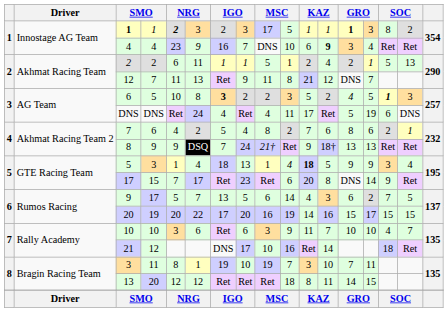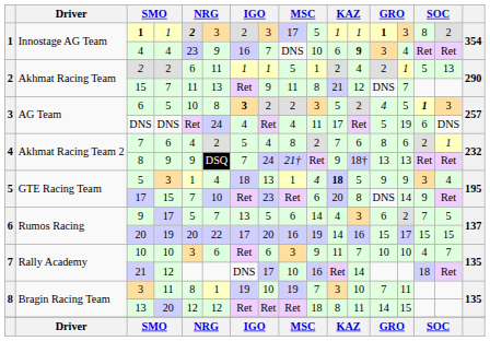 <table class="wikitable" style="font-size: 85%; text-align: center">
 <tr valign="top">
 <th valign="middle"></th>
 <th valign="middle">Driver</th>
 <th colspan=2><a href='#'>SMO</a></th>
 <th colspan=2><a href='#'>NRG</a></th>
 <th colspan=2><a href='#'>IGO</a></th>
 <th colspan=2><a href='#'>MSC</a></th>
 <th colspan=2><a href='#'>KAZ</a></th>
 <th colspan=2><a href='#'>GRO</a></th>
 <th colspan=2><a href='#'>SOC</a></th>
 <th valign="middle"></th>
 </tr>
 <tr>
 <th rowspan="2">1</th>
 <td rowspan="2" align=left>Innostage AG Team</td>
 <td style="background:#ffffbf;"><strong>1</strong></td>
 <td style="background:#ffffbf;"><em>1</em></td>
 <td style="background:#dfdfdf;"><strong><em>2</em></strong></td>
 <td style="background:#ffdf9f;">3</td>
 <td style="background:#dfdfdf;">2</td>
 <td style="background:#ffdf9f;">3</td>
 <td style="background:#cfcfff;">17</td>
 <td style="background:#dfffdf;">5</td>
 <td style="background:#ffffbf;"><em>1</em></td>
 <td style="background:#ffffbf;"><em>1</em></td>
 <td style="background:#ffffbf;"><strong>1</strong></td>
 <td style="background:#ffdf9f;">3</td>
 <td style="background:#dfffdf;">8</td>
 <td style="background:#dfdfdf;">2</td>
 <th rowspan="2">354</th>
 </tr>
 <tr>
 <td style="background:#dfffdf;">4</td>
 <td style="background:#dfffdf;">4</td>
 <td style="background:#cfcfff;">23</td>
 <td style="background:#dfffdf;"><em>9</em></td>
 <td style="background:#cfcfff;">16</td>
 <td style="background:#dfffdf;">7</td>
 <td>DNS</td>
 <td style="background:#dfffdf;">10</td>
 <td style="background:#dfffdf;">6</td>
 <td style="background:#dfffdf;"><strong>9</strong></td>
 <td style="background:#ffdf9f;">3</td>
 <td style="background:#dfffdf;">4</td>
 <td style="background:#efcfff;">Ret</td>
 <td style="background:#efcfff;">Ret</td>
 </tr>
 <tr>
 <th rowspan="2">2</th>
 <td rowspan="2" align=left>Akhmat Racing Team</td>
 <td style="background:#dfdfdf;"><em>2</em></td>
 <td style="background:#dfdfdf;">2</td>
 <td style="background:#dfffdf;">6</td>
 <td style="background:#dfffdf;">11</td>
 <td style="background:#ffffbf;"><em>1</em></td>
 <td style="background:#ffffbf;"><em>1</em></td>
 <td style="background:#dfffdf;">5</td>
 <td style="background:#ffffbf;">1</td>
 <td style="background:#dfdfdf;">2</td>
 <td style="background:#dfffdf;">4</td>
 <td style="background:#dfdfdf;">2</td>
 <td style="background:#ffffbf;"><em>1</em></td>
 <td style="background:#dfffdf;">5</td>
 <td style="background:#dfffdf;">13</td>
 <th rowspan="2">290</th>
 </tr>
 <tr>
-<td style="background:#dfffdf;">12</td>
+<td style="background:#dfffdf;">15</td>
 <td style="background:#dfffdf;">7</td>
 <td style="background:#dfffdf;">11</td>
 <td style="background:#dfffdf;">13</td>
 <td style="background:#efcfff;">Ret</td>
 <td style="background:#dfffdf;">9</td>
 <td style="background:#dfffdf;">11</td>
 <td style="background:#dfffdf;">8</td>
 <td style="background:#cfcfff;">21</td>
 <td style="background:#dfffdf;">12</td>
 <td>DNS</td>
 <td style="background:#dfffdf;">7</td>
 <td></td>
 <td></td>
 </tr>
 <tr>
 <th rowspan="2">3</th>
 <td rowspan="2" align=left>AG Team</td>
 <td style="background:#dfffdf;">6</td>
 <td style="background:#dfffdf;">5</td>
 <td style="background:#dfffdf;">10</td>
 <td style="background:#dfffdf;">8</td>
 <td style="background:#ffdf9f;"><strong>3</strong></td>
 <td style="background:#dfdfdf;">2</td>
 <td style="background:#dfdfdf;">2</td>
 <td style="background:#ffdf9f;">3</td>
 <td style="background:#dfffdf;">5</td>
 <td style="background:#dfdfdf;">2</td>
 <td style="background:#dfffdf;"><em>4</em></td>
 <td style="background:#dfffdf;">5</td>
 <td style="background:#ffffbf;"><strong><em>1</em></strong></td>
 <td style="background:#ffdf9f;">3</td>
 <th rowspan="2">257</th>
 </tr>
 <tr>
 <td>DNS</td>
 <td>DNS</td>
 <td style="background:#efcfff;">Ret</td>
 <td style="background:#cfcfff;">24</td>
 <td style="background:#dfffdf;">4</td>
 <td style="background:#efcfff;">Ret</td>
 <td style="background:#dfffdf;">4</td>
 <td style="background:#dfffdf;">11</td>
 <td style="background:#dfffdf;">17</td>
 <td style="background:#efcfff;">Ret</td>
 <td style="background:#dfffdf;">5</td>
 <td style="background:#dfffdf;">19</td>
 <td style="background:#dfffdf;">6</td>
 <td>DNS</td>
 </tr>
 <tr>
 <th rowspan="2">4</th>
 <td rowspan="2" align=left>Akhmat Racing Team 2</td>
 <td style="background:#dfffdf;">7</td>
 <td style="background:#dfffdf;">6</td>
 <td style="background:#dfffdf;">4</td>
 <td style="background:#dfdfdf;">2</td>
 <td style="background:#dfffdf;">5</td>
 <td style="background:#dfffdf;">4</td>
 <td style="background:#dfffdf;">8</td>
 <td style="background:#dfdfdf;">2</td>
 <td style="background:#dfffdf;">7</td>
 <td style="background:#dfffdf;">6</td>
 <td style="background:#dfffdf;">8</td>
 <td style="background:#dfffdf;">6</td>
 <td style="background:#dfdfdf;">2</td>
 <td style="background:#ffffbf;"><em>1</em></td>
 <th rowspan="2">232</th>
 </tr>
 <tr>
 <td style="background:#dfffdf;">8</td>
 <td style="background:#dfffdf;">9</td>
 <td style="background:#dfffdf;">9</td>
 <td style="background-color:#000000;color:white">DSQ</td>
 <td style="background:#dfffdf;">7</td>
 <td style="background:#cfcfff;">24</td>
 <td style="background:#cfcfff;"><em>21†</em></td>
 <td style="background:#efcfff;">Ret</td>
 <td style="background:#dfffdf;">9</td>
 <td style="background:#cfcfff;">18†</td>
 <td style="background:#dfffdf;">13</td>
 <td style="background:#dfffdf;">13</td>
 <td style="background:#efcfff;">Ret</td>
 <td style="background:#efcfff;">Ret</td>
 </tr>
 <tr>
 <th rowspan="2">5</th>
 <td rowspan="2" align=left>GTE Racing Team</td>
 <td style="background:#dfffdf;">5</td>
 <td style="background:#ffdf9f;">3</td>
 <td style="background:#ffffbf;">1</td>
 <td style="background:#dfffdf;">4</td>
 <td style="background:#cfcfff;">18</td>
 <td style="background:#dfffdf;">13</td>
 <td style="background:#ffffbf;">1</td>
 <td style="background:#dfffdf;"><em>4</em></td>
 <td style="background:#cfcfff;"><strong>18</strong></td>
 <td style="background:#dfffdf;">5</td>
 <td style="background:#dfffdf;">9</td>
 <td style="background:#dfffdf;">9</td>
 <td style="background:#ffdf9f;">3</td>
 <td style="background:#dfffdf;">4</td>
 <th rowspan="2">195</th>
 </tr>
 <tr>
 <td style="background:#cfcfff;">17</td>
 <td style="background:#dfffdf;">15</td>
 <td style="background:#dfffdf;">7</td>
-<td style="background:#cfcfff;">17</td>
+<td style="background:#cfcfff;">10</td>
 <td style="background:#efcfff;">Ret</td>
 <td style="background:#cfcfff;">23</td>
 <td style="background:#efcfff;">Ret</td>
 <td style="background:#dfffdf;">6</td>
 <td style="background:#cfcfff;">20</td>
 <td style="background:#dfffdf;">8</td>
 <td>DNS</td>
 <td style="background:#dfffdf;">14</td>
 <td style="background:#dfffdf;">9</td>
 <td style="background:#efcfff;">Ret</td>
 </tr>
 <tr>
 <th rowspan="2">6</th>
 <td rowspan="2" align=left>Rumos Racing</td>
 <td style="background:#dfffdf;">9</td>
 <td style="background:#cfcfff;">17</td>
 <td style="background:#dfffdf;">5</td>
 <td style="background:#dfffdf;">7</td>
 <td style="background:#dfffdf;">13</td>
 <td style="background:#dfffdf;">5</td>
 <td style="background:#dfffdf;">6</td>
 <td style="background:#dfffdf;">14</td>
 <td style="background:#dfffdf;">4</td>
 <td style="background:#ffdf9f;">3</td>
 <td style="background:#dfffdf;">6</td>
 <td style="background:#dfdfdf;">2</td>
 <td style="background:#dfffdf;">7</td>
 <td style="background:#dfffdf;">5</td>
 <th rowspan="2">137</th>
 </tr>
 <tr>
 <td style="background:#cfcfff;">20</td>
 <td style="background:#cfcfff;">19</td>
 <td style="background:#cfcfff;">20</td>
 <td style="background:#cfcfff;">22</td>
 <td style="background:#cfcfff;">17</td>
 <td style="background:#cfcfff;">20</td>
 <td style="background:#cfcfff;">16</td>
 <td style="background:#cfcfff;">19</td>
 <td style="background:#dfffdf;">14</td>
 <td style="background:#cfcfff;">16</td>
 <td style="background:#dfffdf;">15</td>
 <td style="background:#cfcfff;">17</td>
 <td style="background:#dfffdf;">15</td>
 <td style="background:#dfffdf;">15</td>
 </tr>
 <tr>
 <th rowspan="2">7</th>
 <td rowspan="2" align=left>Rally Academy</td>
 <td style="background:#dfffdf;">10</td>
 <td style="background:#dfffdf;">10</td>
 <td style="background:#ffdf9f;">3</td>
 <td style="background:#dfffdf;">6</td>
 <td style="background:#efcfff;">Ret</td>
 <td style="background:#dfffdf;">6</td>
 <td style="background:#ffdf9f;">3</td>
 <td style="background:#dfffdf;">9</td>
 <td style="background:#dfffdf;">11</td>
 <td style="background:#dfffdf;">7</td>
 <td style="background:#dfffdf;">10</td>
 <td style="background:#dfffdf;">10</td>
 <td style="background:#dfffdf;">4</td>
 <td style="background:#dfffdf;">7</td>
 <th rowspan="2">135</th>
 </tr>
 <tr>
 <td style="background:#cfcfff;">21</td>
 <td style="background:#dfffdf;">12</td>
 <td></td>
 <td></td>
 <td>DNS</td>
 <td style="background:#cfcfff;">17</td>
 <td style="background:#dfffdf;">10</td>
 <td style="background:#cfcfff;">16</td>
 <td style="background:#efcfff;">Ret</td>
 <td style="background:#dfffdf;">14</td>
 <td></td>
 <td></td>
 <td style="background:#cfcfff;">18</td>
 <td style="background:#efcfff;">Ret</td>
 </tr>
 <tr>
 <th rowspan="2">8</th>
 <td rowspan="2" align=left>Bragin Racing Team</td>
 <td style="background:#ffdf9f;">3</td>
 <td style="background:#dfffdf;">11</td>
 <td style="background:#dfffdf;">8</td>
 <td style="background:#ffffbf;">1</td>
 <td style="background:#cfcfff;">19</td>
 <td style="background:#dfffdf;">10</td>
 <td style="background:#cfcfff;">19</td>
 <td style="background:#dfffdf;">7</td>
 <td style="background:#ffdf9f;">3</td>
 <td style="background:#dfffdf;">10</td>
 <td style="background:#dfffdf;">7</td>
 <td style="background:#dfffdf;">11</td>
 <td></td>
 <td></td>
 <th rowspan="2">135</th>
 </tr>
 <tr>
 <td style="background:#dfffdf;">13</td>
 <td style="background:#cfcfff;">20</td>
 <td style="background:#dfffdf;">12</td>
 <td style="background:#dfffdf;">12</td>
 <td style="background:#efcfff;">Ret</td>
 <td style="background:#efcfff;">Ret</td>
 <td style="background:#efcfff;">Ret</td>
 <td style="background:#dfffdf;">18</td>
 <td style="background:#dfffdf;">8</td>
 <td style="background:#dfffdf;">11</td>
 <td style="background:#dfffdf;">14</td>
 <td style="background:#dfffdf;">15</td>
 <td></td>
 <td></td>
 </tr>
 <tr>
 </tr>
 <tr valign="top">
 <th valign="middle"></th>
 <th valign="middle">Driver</th>
 <th colspan=2><a href='#'>SMO</a></th>
 <th colspan=2><a href='#'>NRG</a></th>
 <th colspan=2><a href='#'>IGO</a></th>
 <th colspan=2><a href='#'>MSC</a></th>
 <th colspan=2><a href='#'>KAZ</a></th>
 <th colspan=2><a href='#'>GRO</a></th>
 <th colspan=2><a href='#'>SOC</a></th>
 <th valign="middle"></th>
 </tr>
 </table>
